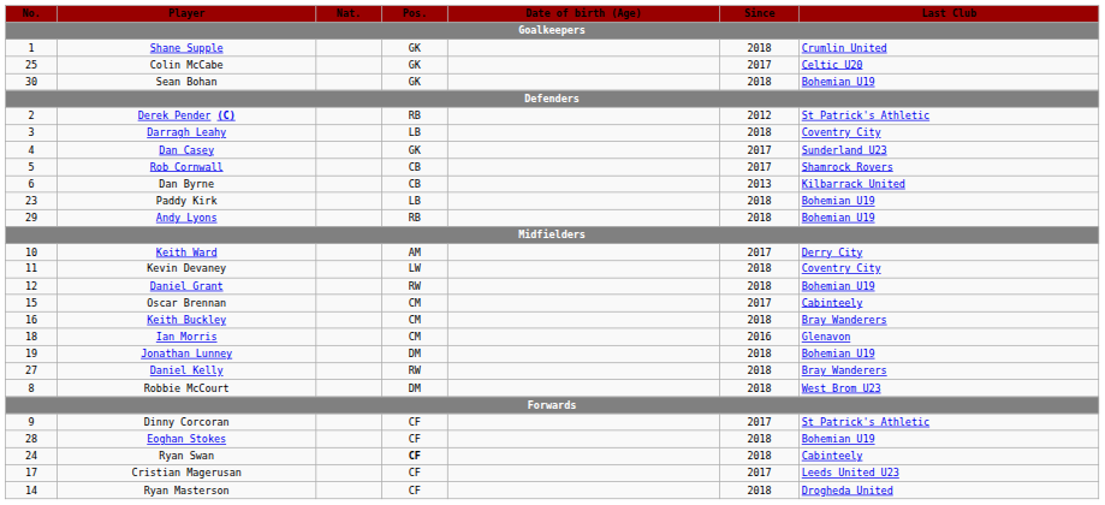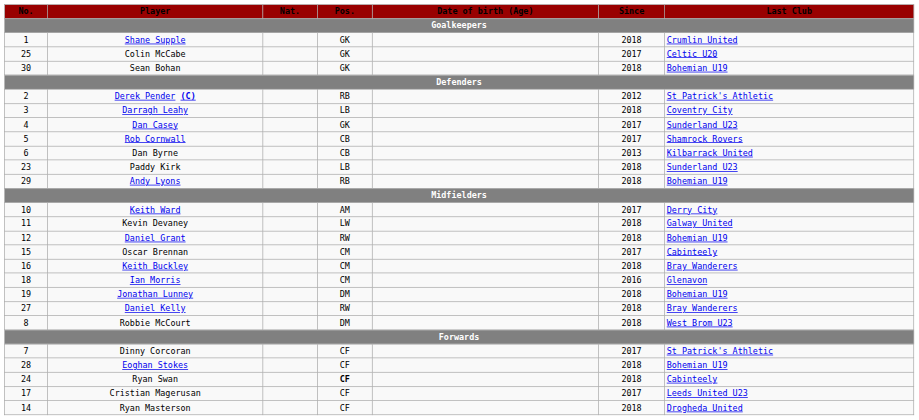 <table class="wikitable" style="text-align: center; font-size:90%; width:100%;">
 <tr>
 <th style="background:#990000;color:#000000;">No.</th>
 <th style="background:#990000;color:#000000;">Player</th>
 <th style="background:#990000;color:#000000;">Nat.</th>
 <th style="background:#990000;color:#000000;">Pos.</th>
 <th style="background:#990000;color:#000000;">Date of birth (Age)</th>
 <th style="background:#990000;color:#000000;">Since</th>
 <th style="background:#990000;color:#000000;">Last Club</th>
 </tr>
 <tr>
 <th colspan="10" style="background:gray; color:white; text-align:center;">Goalkeepers</th>
 </tr>
 <tr>
 <td>1</td>
 <td><a href='#'>Shane Supple</a></td>
 <td></td>
 <td>GK</td>
 <td></td>
 <td>2018</td>
 <td align=left> <a href='#'>Crumlin United</a></td>
 </tr>
 <tr>
 <td>25</td>
 <td>Colin McCabe</td>
 <td></td>
 <td>GK</td>
 <td></td>
 <td>2017</td>
 <td align=left> <a href='#'>Celtic U20</a></td>
 </tr>
 <tr>
 <td>30</td>
 <td>Sean Bohan</td>
 <td></td>
 <td>GK</td>
 <td></td>
 <td>2018</td>
 <td align=left> <a href='#'>Bohemian U19</a></td>
 </tr>
 <tr>
 <th colspan="10" style="background:gray; color:white; text-align:center;">Defenders</th>
 </tr>
 <tr>
 <td>2</td>
 <td><a href='#'>Derek Pender</a> <strong><a href='#'>(C)</a></strong></td>
 <td></td>
 <td>RB</td>
 <td></td>
 <td>2012</td>
 <td align=left> <a href='#'>St Patrick's Athletic</a></td>
 </tr>
 <tr>
 <td>3</td>
 <td><a href='#'>Darragh Leahy</a></td>
 <td></td>
 <td>LB</td>
 <td></td>
 <td>2018</td>
 <td align=left> <a href='#'>Coventry City</a></td>
 </tr>
 <tr>
 <td>4</td>
 <td><a href='#'>Dan Casey</a></td>
 <td></td>
 <td>GK</td>
 <td></td>
 <td>2017</td>
 <td align=left> <a href='#'>Sunderland U23</a></td>
 </tr>
 <tr>
 <td>5</td>
 <td><a href='#'>Rob Cornwall</a></td>
 <td></td>
 <td>CB</td>
 <td></td>
 <td>2017</td>
 <td align=left> <a href='#'>Shamrock Rovers</a></td>
 </tr>
 <tr>
 <td>6</td>
 <td>Dan Byrne</td>
 <td></td>
 <td>CB</td>
 <td></td>
 <td>2013</td>
 <td align=left> <a href='#'>Kilbarrack United</a></td>
 </tr>
 <tr>
 <td>23</td>
 <td>Paddy Kirk</td>
 <td></td>
 <td>LB</td>
 <td></td>
 <td>2018</td>
-<td align=left> <a href='#'>Bohemian U19</a></td>
+<td align=left> <a href='#'>Sunderland U23</a></td>
 </tr>
 <tr>
 <td>29</td>
 <td><a href='#'>Andy Lyons</a></td>
 <td></td>
 <td>RB</td>
 <td></td>
 <td>2018</td>
 <td align=left> <a href='#'>Bohemian U19</a></td>
 </tr>
 <tr>
 <th colspan="10" style="background:gray; color:white; text-align:center;">Midfielders</th>
 </tr>
 <tr>
 <td>10</td>
 <td><a href='#'>Keith Ward</a></td>
 <td></td>
 <td>AM</td>
 <td></td>
 <td>2017</td>
 <td align=left> <a href='#'>Derry City</a></td>
 </tr>
 <tr>
 <td>11</td>
 <td>Kevin Devaney</td>
 <td></td>
 <td>LW</td>
 <td></td>
 <td>2018</td>
-<td align=left> <a href='#'>Coventry City</a></td>
+<td align=left> <a href='#'>Galway United</a></td>
 </tr>
 <tr>
 <td>12</td>
 <td><a href='#'>Daniel Grant</a></td>
 <td></td>
 <td>RW</td>
 <td></td>
 <td>2018</td>
 <td align=left> <a href='#'>Bohemian U19</a></td>
 </tr>
 <tr>
 <td>15</td>
 <td>Oscar Brennan</td>
 <td></td>
 <td>CM</td>
 <td></td>
 <td>2017</td>
 <td align=left> <a href='#'>Cabinteely</a></td>
 </tr>
 <tr>
 <td>16</td>
 <td><a href='#'>Keith Buckley</a></td>
 <td></td>
 <td>CM</td>
 <td></td>
 <td>2018</td>
 <td align=left> <a href='#'>Bray Wanderers</a></td>
 </tr>
 <tr>
 <td>18</td>
 <td><a href='#'>Ian Morris</a></td>
 <td></td>
 <td>CM</td>
 <td></td>
 <td>2016</td>
 <td align=left> <a href='#'>Glenavon</a></td>
 </tr>
 <tr>
 <td>19</td>
 <td><a href='#'>Jonathan Lunney</a></td>
 <td></td>
 <td>DM</td>
 <td></td>
 <td>2018</td>
 <td align=left> <a href='#'>Bohemian U19</a></td>
 </tr>
 <tr>
 <td>27</td>
 <td><a href='#'>Daniel Kelly</a></td>
 <td></td>
 <td>RW</td>
 <td></td>
 <td>2018</td>
 <td align=left> <a href='#'>Bray Wanderers</a></td>
 </tr>
 <tr>
 <td>8</td>
 <td>Robbie McCourt</td>
 <td></td>
 <td>DM</td>
 <td></td>
 <td>2018</td>
 <td align=left> <a href='#'>West Brom U23</a></td>
 </tr>
 <tr>
 <th colspan="10" style="background:gray; color:white; text-align:center;">Forwards</th>
 </tr>
 <tr>
-<td>9</td>
+<td>7</td>
 <td>Dinny Corcoran</td>
 <td></td>
 <td>CF</td>
 <td></td>
 <td>2017</td>
 <td align=left> <a href='#'>St Patrick's Athletic</a></td>
 </tr>
 <tr>
 <td>28</td>
 <td><a href='#'>Eoghan Stokes</a></td>
 <td></td>
 <td>CF</td>
 <td></td>
 <td>2018</td>
 <td align=left> <a href='#'>Bohemian U19</a></td>
 </tr>
 <tr>
 <td>24</td>
 <td>Ryan Swan</td>
 <td></td>
 <td><strong>CF</strong></td>
 <td></td>
 <td>2018</td>
 <td align=left> <a href='#'>Cabinteely</a></td>
 </tr>
 <tr>
 <td>17</td>
 <td>Cristian Magerusan</td>
 <td></td>
 <td>CF</td>
 <td></td>
 <td>2017</td>
 <td align=left> <a href='#'>Leeds United U23</a></td>
 </tr>
 <tr>
 <td>14</td>
 <td>Ryan Masterson</td>
 <td></td>
 <td>CF</td>
 <td></td>
 <td>2018</td>
 <td align=left> <a href='#'>Drogheda United</a></td>
 </tr>
 </table>
